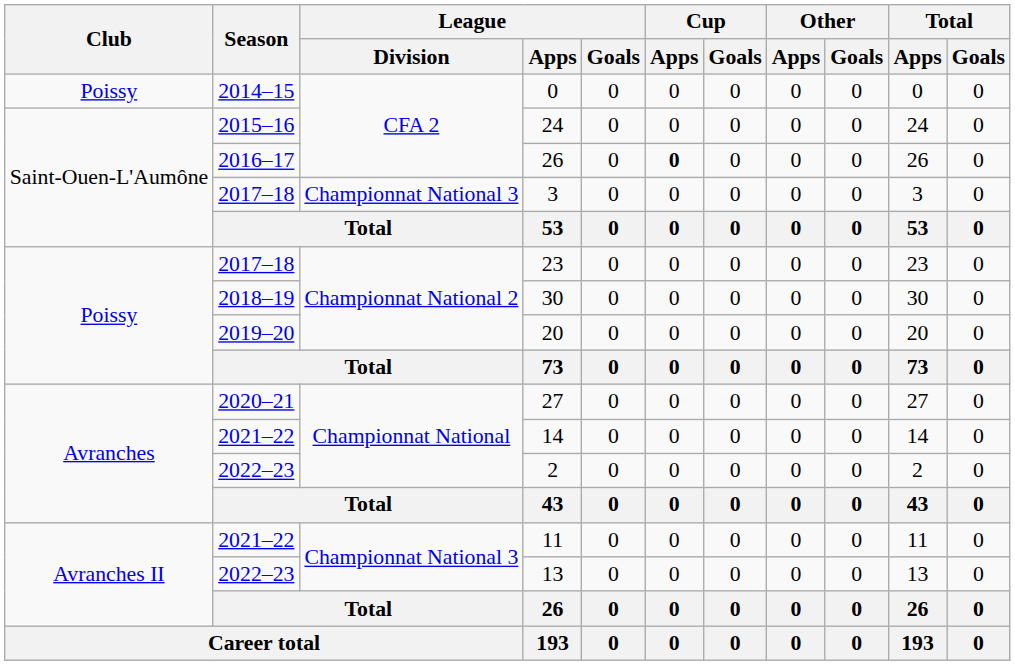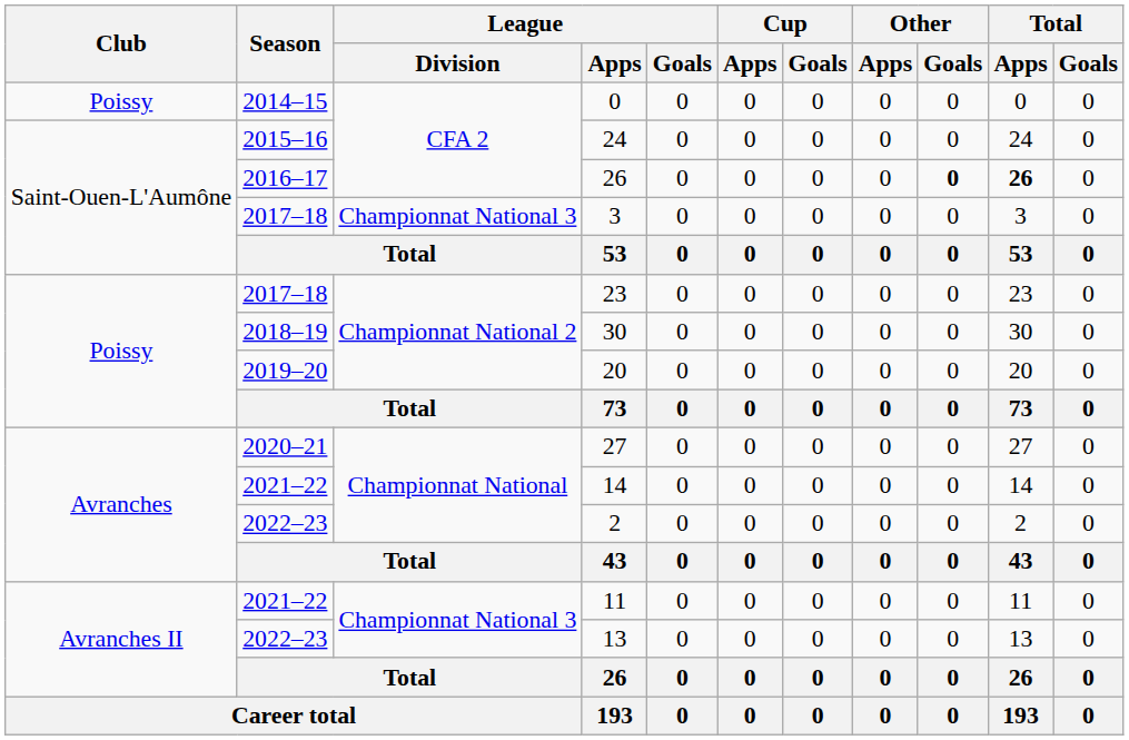 <table class=wikitable style=text-align:center>
 <tr>
 <th rowspan="2">Club</th>
 <th rowspan="2">Season</th>
 <th colspan="3">League</th>
 <th colspan="2">Cup</th>
 <th colspan="2">Other</th>
 <th colspan="2">Total</th>
 </tr>
 <tr>
 <th>Division</th>
 <th>Apps</th>
 <th>Goals</th>
 <th>Apps</th>
 <th>Goals</th>
 <th>Apps</th>
 <th>Goals</th>
 <th>Apps</th>
 <th>Goals</th>
 </tr>
 <tr>
 <td><a href='#'>Poissy</a></td>
 <td><a href='#'>2014–15</a></td>
 <td rowspan="3"><a href='#'>CFA 2</a></td>
 <td>0</td>
 <td>0</td>
 <td>0</td>
 <td>0</td>
 <td>0</td>
 <td>0</td>
 <td>0</td>
 <td>0</td>
 </tr>
 <tr>
 <td rowspan="4">Saint-Ouen-L'Aumône</td>
 <td><a href='#'>2015–16</a></td>
 <td>24</td>
 <td>0</td>
 <td>0</td>
 <td>0</td>
 <td>0</td>
 <td>0</td>
 <td>24</td>
 <td>0</td>
 </tr>
 <tr>
 <td><a href='#'>2016–17</a></td>
 <td>26</td>
 <td>0</td>
-<td><strong>0</strong></td>
 <td>0</td>
 <td>0</td>
 <td>0</td>
-<td>26</td>
+<td><strong>0</strong></td>
+<td><strong>26</strong></td>
 <td>0</td>
 </tr>
 <tr>
 <td><a href='#'>2017–18</a></td>
 <td><a href='#'>Championnat National 3</a></td>
 <td>3</td>
 <td>0</td>
 <td>0</td>
 <td>0</td>
 <td>0</td>
 <td>0</td>
 <td>3</td>
 <td>0</td>
 </tr>
 <tr>
 <th colspan="2"><strong>Total</strong></th>
 <th>53</th>
 <th>0</th>
 <th>0</th>
 <th>0</th>
 <th>0</th>
 <th>0</th>
 <th>53</th>
 <th>0</th>
 </tr>
 <tr>
 <td rowspan="4"><a href='#'>Poissy</a></td>
 <td><a href='#'>2017–18</a></td>
 <td rowspan="3"><a href='#'>Championnat National 2</a></td>
 <td>23</td>
 <td>0</td>
 <td>0</td>
 <td>0</td>
 <td>0</td>
 <td>0</td>
 <td>23</td>
 <td>0</td>
 </tr>
 <tr>
 <td><a href='#'>2018–19</a></td>
 <td>30</td>
 <td>0</td>
 <td>0</td>
 <td>0</td>
 <td>0</td>
 <td>0</td>
 <td>30</td>
 <td>0</td>
 </tr>
 <tr>
 <td><a href='#'>2019–20</a></td>
 <td>20</td>
 <td>0</td>
 <td>0</td>
 <td>0</td>
 <td>0</td>
 <td>0</td>
 <td>20</td>
 <td>0</td>
 </tr>
 <tr>
 <th colspan="2"><strong>Total</strong></th>
 <th>73</th>
 <th>0</th>
 <th>0</th>
 <th>0</th>
 <th>0</th>
 <th>0</th>
 <th>73</th>
 <th>0</th>
 </tr>
 <tr>
 <td rowspan="4"><a href='#'>Avranches</a></td>
 <td><a href='#'>2020–21</a></td>
 <td rowspan="3"><a href='#'>Championnat National</a></td>
 <td>27</td>
 <td>0</td>
 <td>0</td>
 <td>0</td>
 <td>0</td>
 <td>0</td>
 <td>27</td>
 <td>0</td>
 </tr>
 <tr>
 <td><a href='#'>2021–22</a></td>
 <td>14</td>
 <td>0</td>
 <td>0</td>
 <td>0</td>
 <td>0</td>
 <td>0</td>
 <td>14</td>
 <td>0</td>
 </tr>
 <tr>
 <td><a href='#'>2022–23</a></td>
 <td>2</td>
 <td>0</td>
 <td>0</td>
 <td>0</td>
 <td>0</td>
 <td>0</td>
 <td>2</td>
 <td>0</td>
 </tr>
 <tr>
 <th colspan="2"><strong>Total</strong></th>
 <th>43</th>
 <th>0</th>
 <th>0</th>
 <th>0</th>
 <th>0</th>
 <th>0</th>
 <th>43</th>
 <th>0</th>
 </tr>
 <tr>
 <td rowspan="3"><a href='#'>Avranches II</a></td>
 <td><a href='#'>2021–22</a></td>
 <td rowspan="2"><a href='#'>Championnat National 3</a></td>
 <td>11</td>
 <td>0</td>
 <td>0</td>
 <td>0</td>
 <td>0</td>
 <td>0</td>
 <td>11</td>
 <td>0</td>
 </tr>
 <tr>
 <td><a href='#'>2022–23</a></td>
 <td>13</td>
 <td>0</td>
 <td>0</td>
 <td>0</td>
 <td>0</td>
 <td>0</td>
 <td>13</td>
 <td>0</td>
 </tr>
 <tr>
 <th colspan="2"><strong>Total</strong></th>
 <th>26</th>
 <th>0</th>
 <th>0</th>
 <th>0</th>
 <th>0</th>
 <th>0</th>
 <th>26</th>
 <th>0</th>
 </tr>
 <tr>
 <th colspan="3"><strong>Career total</strong></th>
 <th>193</th>
 <th>0</th>
 <th>0</th>
 <th>0</th>
 <th>0</th>
 <th>0</th>
 <th>193</th>
 <th>0</th>
 </tr>
 </table>
